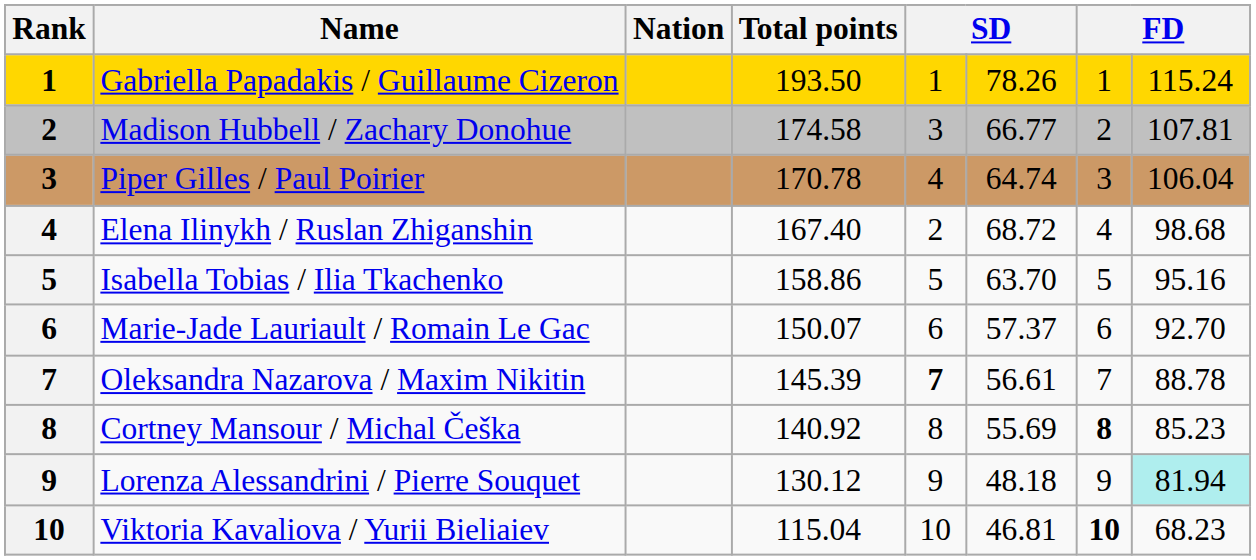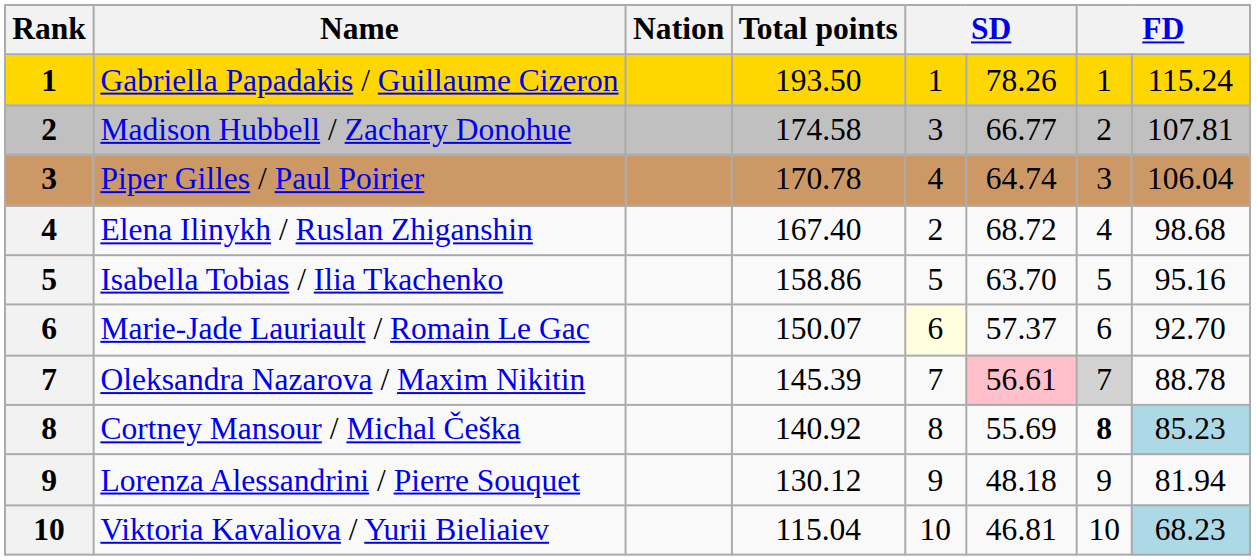 <table class="wikitable sortable">
 <tr>
 <th>Rank</th>
 <th>Name</th>
 <th>Nation</th>
 <th>Total points</th>
 <th colspan="2" width="80px"><a href='#'>SD</a></th>
 <th colspan="2" width="80px"><a href='#'>FD</a></th>
 </tr>
 <tr bgcolor="gold">
 <td align="center"><strong>1</strong></td>
 <td><a href='#'>Gabriella Papadakis</a> / <a href='#'>Guillaume Cizeron</a></td>
 <td></td>
 <td align="center">193.50</td>
 <td align="center">1</td>
 <td align="center">78.26</td>
 <td align="center">1</td>
 <td align="center">115.24</td>
 </tr>
 <tr bgcolor="silver">
 <td align="center"><strong>2</strong></td>
 <td><a href='#'>Madison Hubbell</a> / <a href='#'>Zachary Donohue</a></td>
 <td></td>
 <td align="center">174.58</td>
 <td align="center">3</td>
 <td align="center">66.77</td>
 <td align="center">2</td>
 <td align="center">107.81</td>
 </tr>
 <tr bgcolor="cc9966">
 <td align="center"><strong>3</strong></td>
 <td><a href='#'>Piper Gilles</a> / <a href='#'>Paul Poirier</a></td>
 <td></td>
 <td align="center">170.78</td>
 <td align="center">4</td>
 <td align="center">64.74</td>
 <td align="center">3</td>
 <td align="center">106.04</td>
 </tr>
 <tr>
 <th>4</th>
 <td><a href='#'>Elena Ilinykh</a> / <a href='#'>Ruslan Zhiganshin</a></td>
 <td></td>
 <td align="center">167.40</td>
 <td align="center">2</td>
 <td align="center">68.72</td>
 <td align="center">4</td>
 <td align="center">98.68</td>
 </tr>
 <tr>
 <th>5</th>
 <td><a href='#'>Isabella Tobias</a> / <a href='#'>Ilia Tkachenko</a></td>
 <td></td>
 <td align="center">158.86</td>
 <td align="center">5</td>
 <td align="center">63.70</td>
 <td align="center">5</td>
 <td align="center">95.16</td>
 </tr>
 <tr>
 <th>6</th>
 <td><a href='#'>Marie-Jade Lauriault</a> / <a href='#'>Romain Le Gac</a></td>
 <td></td>
 <td align="center">150.07</td>
-<td align="center">6</td>
+<td align="center" style="background: lightyellow;">6</td>
 <td align="center">57.37</td>
 <td align="center">6</td>
 <td align="center">92.70</td>
 </tr>
 <tr>
 <th>7</th>
 <td><a href='#'>Oleksandra Nazarova</a> / <a href='#'>Maxim Nikitin</a></td>
 <td></td>
 <td align="center">145.39</td>
-<td align="center"><strong>7</strong></td>
-<td align="center">56.61</td>
 <td align="center">7</td>
+<td align="center" style="background: pink;">56.61</td>
+<td align="center" style="background: lightgrey;">7</td>
 <td align="center">88.78</td>
 </tr>
 <tr>
 <th>8</th>
 <td><a href='#'>Cortney Mansour</a> / <a href='#'>Michal Češka</a></td>
 <td></td>
 <td align="center">140.92</td>
 <td align="center">8</td>
 <td align="center">55.69</td>
 <td align="center"><strong>8</strong></td>
-<td align="center">85.23</td>
+<td align="center" style="background: lightblue;">85.23</td>
 </tr>
 <tr>
 <th>9</th>
 <td><a href='#'>Lorenza Alessandrini</a> / <a href='#'>Pierre Souquet</a></td>
 <td></td>
 <td align="center">130.12</td>
 <td align="center">9</td>
 <td align="center">48.18</td>
 <td align="center">9</td>
-<td align="center" style="background: paleturquoise;">81.94</td>
+<td align="center">81.94</td>
 </tr>
 <tr>
 <th>10</th>
 <td><a href='#'>Viktoria Kavaliova</a> / <a href='#'>Yurii Bieliaiev</a></td>
 <td></td>
 <td align="center">115.04</td>
 <td align="center">10</td>
 <td align="center">46.81</td>
-<td align="center"><strong>10</strong></td>
-<td align="center">68.23</td>
+<td align="center">10</td>
+<td align="center" style="background: lightblue;">68.23</td>
 </tr>
 </table>
